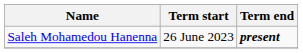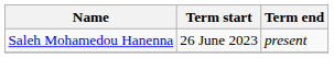 <table class="wikitable" style="font-size:95%;">
 <tr>
 <th>Name</th>
 <th>Term start</th>
 <th>Term end</th>
 </tr>
 <tr>
 <td><a href='#'>Saleh Mohamedou Hanenna</a></td>
 <td>26 June 2023</td>
-<td><strong><em>present</em></strong></td>
+<td><em>present</em></td>
 </tr>
 <tr>
 </tr>
 </table>
